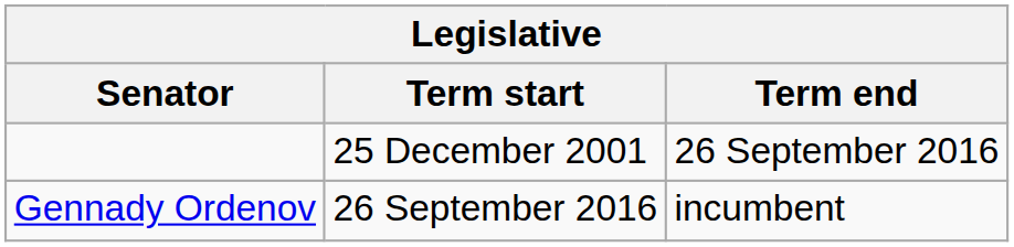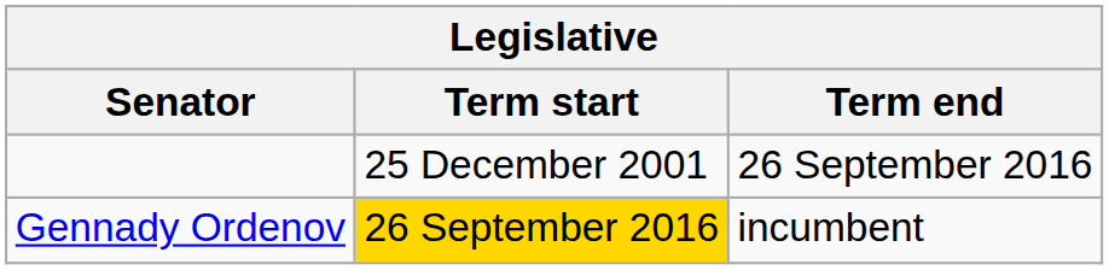 <table class="wikitable sortable">
 <tr>
 <th colspan=3>Legislative</th>
 </tr>
 <tr>
 <th>Senator</th>
 <th>Term start</th>
 <th>Term end</th>
 </tr>
 <tr>
 <td></td>
 <td>25 December 2001</td>
 <td>26 September 2016</td>
 </tr>
 <tr>
 <td><a href='#'>Gennady Ordenov</a></td>
-<td>26 September 2016</td>
+<td style="background: gold;">26 September 2016</td>
 <td>incumbent</td>
 </tr>
 </table>
